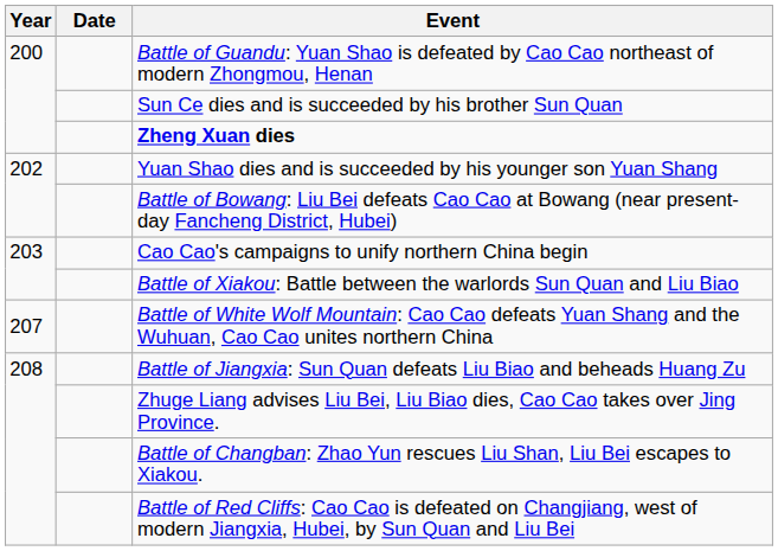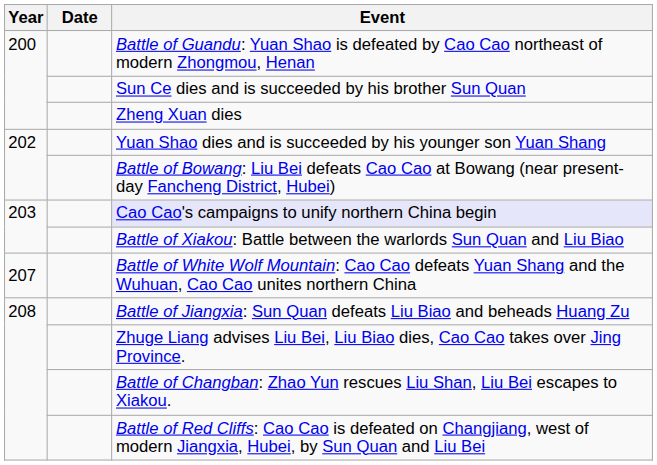 <table class="wikitable" style="width:100%;">
 <tr>
 <th style="width:6%">Year</th>
 <th style="width:10%">Date</th>
 <th>Event</th>
 </tr>
 <tr>
 <td rowspan="3" style="vertical-align:top;">200</td>
 <td></td>
 <td><em><a href='#'>Battle of Guandu</a></em>: <a href='#'>Yuan Shao</a> is defeated by <a href='#'>Cao Cao</a> northeast of modern <a href='#'>Zhongmou</a>, <a href='#'>Henan</a></td>
 </tr>
 <tr>
 <td></td>
 <td><a href='#'>Sun Ce</a> dies and is succeeded by his brother <a href='#'>Sun Quan</a></td>
 </tr>
 <tr>
 <td></td>
-<td><strong><a href='#'>Zheng Xuan</a> dies</strong></td>
+<td><a href='#'>Zheng Xuan</a> dies</td>
 </tr>
 <tr>
 <td rowspan="2" style="vertical-align:top;">202</td>
 <td></td>
 <td><a href='#'>Yuan Shao</a> dies and is succeeded by his younger son <a href='#'>Yuan Shang</a></td>
 </tr>
 <tr>
 <td></td>
 <td><em><a href='#'>Battle of Bowang</a></em>: <a href='#'>Liu Bei</a> defeats <a href='#'>Cao Cao</a> at Bowang (near present-day <a href='#'>Fancheng District</a>, <a href='#'>Hubei</a>)</td>
 </tr>
 <tr>
 <td rowspan="2" style="vertical-align:top;">203</td>
 <td></td>
-<td><a href='#'>Cao Cao</a>'s campaigns to unify northern China begin</td>
+<td style="background: lavender;"><a href='#'>Cao Cao</a>'s campaigns to unify northern China begin</td>
 </tr>
 <tr>
 <td></td>
 <td><em><a href='#'>Battle of Xiakou</a></em>: Battle between the warlords <a href='#'>Sun Quan</a> and <a href='#'>Liu Biao</a></td>
 </tr>
 <tr>
 <td>207</td>
 <td></td>
 <td><em><a href='#'>Battle of White Wolf Mountain</a></em>: <a href='#'>Cao Cao</a> defeats <a href='#'>Yuan Shang</a> and the <a href='#'>Wuhuan</a>, <a href='#'>Cao Cao</a> unites northern China</td>
 </tr>
 <tr>
 <td rowspan="4" style="vertical-align:top;">208</td>
 <td></td>
 <td><em><a href='#'>Battle of Jiangxia</a></em>: <a href='#'>Sun Quan</a> defeats <a href='#'>Liu Biao</a> and beheads <a href='#'>Huang Zu</a></td>
 </tr>
 <tr>
 <td></td>
 <td><a href='#'>Zhuge Liang</a> advises <a href='#'>Liu Bei</a>, <a href='#'>Liu Biao</a> dies, <a href='#'>Cao Cao</a> takes over <a href='#'>Jing Province</a>.</td>
 </tr>
 <tr>
 <td></td>
 <td><em><a href='#'>Battle of Changban</a></em>: <a href='#'>Zhao Yun</a> rescues <a href='#'>Liu Shan</a>, <a href='#'>Liu Bei</a> escapes to <a href='#'>Xiakou</a>.</td>
 </tr>
 <tr>
 <td></td>
 <td><em><a href='#'>Battle of Red Cliffs</a></em>: <a href='#'>Cao Cao</a> is defeated on <a href='#'>Changjiang</a>, west of modern <a href='#'>Jiangxia</a>, <a href='#'>Hubei</a>, by <a href='#'>Sun Quan</a> and <a href='#'>Liu Bei</a></td>
 </tr>
 </table>
